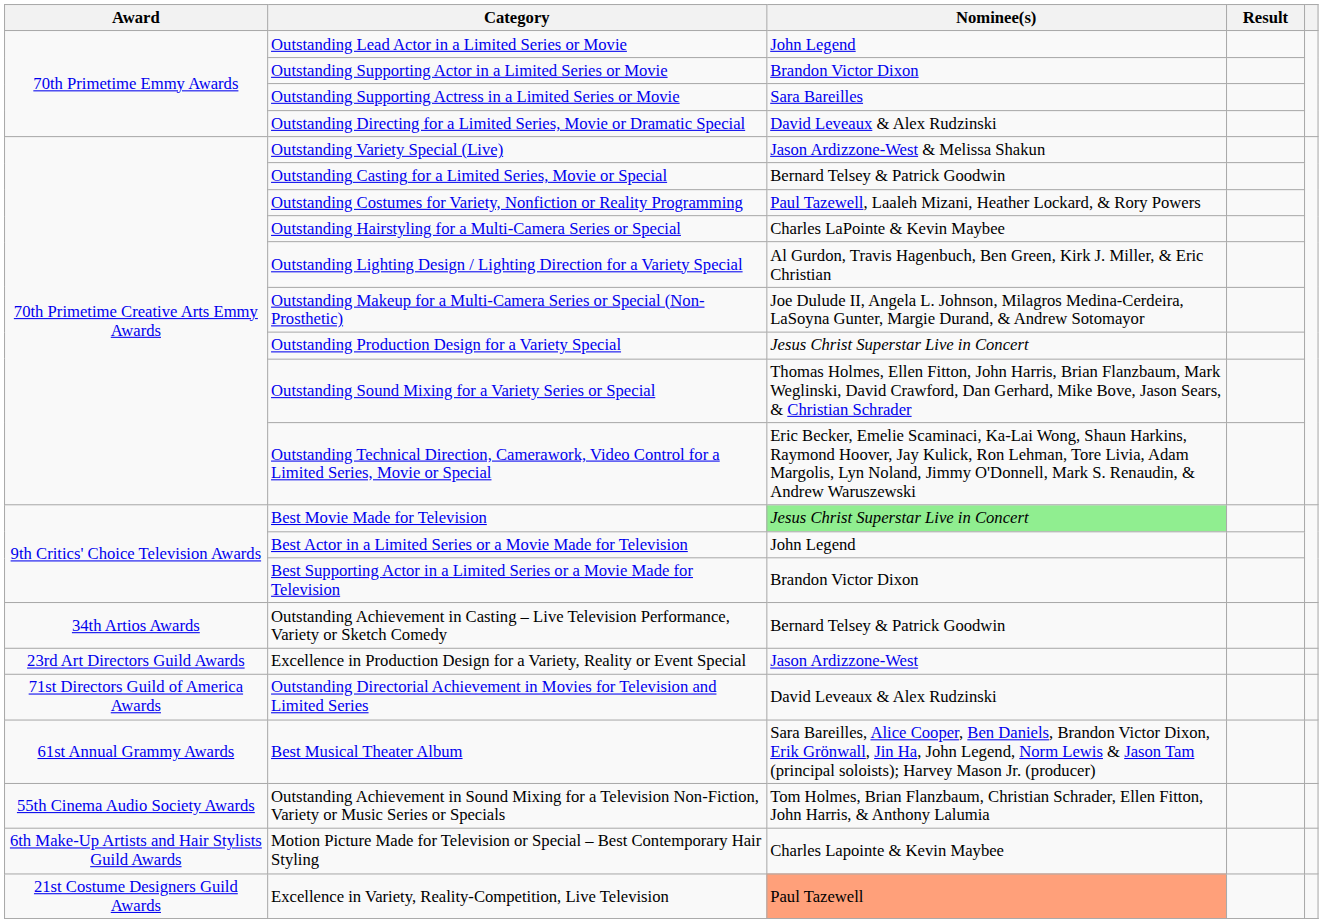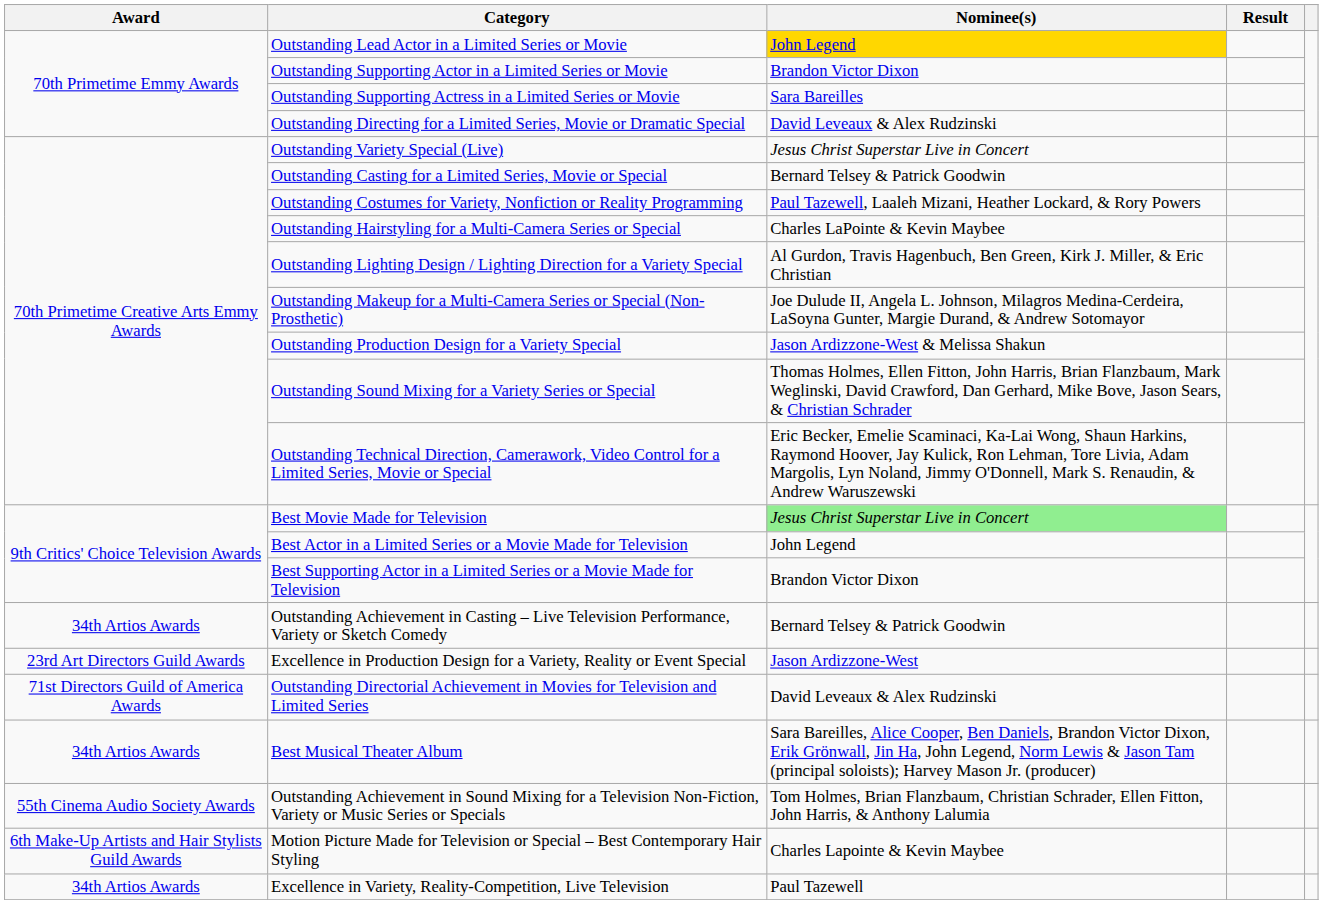 <table class="wikitable sortable" style="width:100%">
 <tr>
 <th scope="col" style="width:20%;">Award</th>
 <th scope="col" style="width:38%;">Category</th>
 <th scope="col" style="width:35%;">Nominee(s)</th>
 <th scope="col" style="width:6%;">Result</th>
 <th scope="col" class="unsortable" style="width:1%;"></th>
 </tr>
 <tr>
 <td align="center" rowspan="4"><a href='#'>70th Primetime Emmy Awards</a></td>
 <td><a href='#'>Outstanding Lead Actor in a Limited Series or Movie</a></td>
-<td><a href='#'>John Legend</a></td>
+<td style="background: gold;"><a href='#'>John Legend</a></td>
 <td></td>
 <td align="center" rowspan="4"></td>
 </tr>
 <tr>
 <td><a href='#'>Outstanding Supporting Actor in a Limited Series or Movie</a></td>
 <td><a href='#'>Brandon Victor Dixon</a></td>
 <td></td>
 </tr>
 <tr>
 <td><a href='#'>Outstanding Supporting Actress in a Limited Series or Movie</a></td>
 <td><a href='#'>Sara Bareilles</a></td>
 <td></td>
 </tr>
 <tr>
 <td><a href='#'>Outstanding Directing for a Limited Series, Movie or Dramatic Special</a></td>
 <td><a href='#'>David Leveaux</a> & Alex Rudzinski</td>
 <td></td>
 </tr>
 <tr>
 <td align="center" rowspan="9"><a href='#'>70th Primetime Creative Arts Emmy Awards</a></td>
 <td><a href='#'>Outstanding Variety Special (Live)</a></td>
-<td><a href='#'>Jason Ardizzone-West</a> & Melissa Shakun</td>
+<td><em>Jesus Christ Superstar Live in Concert</em></td>
 <td></td>
 <td align="center" rowspan="9"></td>
 </tr>
 <tr>
 <td><a href='#'>Outstanding Casting for a Limited Series, Movie or Special</a></td>
 <td>Bernard Telsey & Patrick Goodwin</td>
 <td></td>
 </tr>
 <tr>
 <td><a href='#'>Outstanding Costumes for Variety, Nonfiction or Reality Programming</a></td>
 <td><a href='#'>Paul Tazewell</a>, Laaleh Mizani, Heather Lockard, & Rory Powers</td>
 <td></td>
 </tr>
 <tr>
 <td><a href='#'>Outstanding Hairstyling for a Multi-Camera Series or Special</a></td>
 <td>Charles LaPointe & Kevin Maybee</td>
 <td></td>
 </tr>
 <tr>
 <td><a href='#'>Outstanding Lighting Design / Lighting Direction for a Variety Special</a></td>
 <td>Al Gurdon, Travis Hagenbuch, Ben Green, Kirk J. Miller, & Eric Christian</td>
 <td></td>
 </tr>
 <tr>
 <td><a href='#'>Outstanding Makeup for a Multi-Camera Series or Special (Non-Prosthetic)</a></td>
 <td>Joe Dulude II, Angela L. Johnson, Milagros Medina-Cerdeira, LaSoyna Gunter, Margie Durand, & Andrew Sotomayor</td>
 <td></td>
 </tr>
 <tr>
 <td><a href='#'>Outstanding Production Design for a Variety Special</a></td>
-<td><em>Jesus Christ Superstar Live in Concert</em></td>
+<td><a href='#'>Jason Ardizzone-West</a> & Melissa Shakun</td>
 <td></td>
 </tr>
 <tr>
 <td><a href='#'>Outstanding Sound Mixing for a Variety Series or Special</a></td>
 <td>Thomas Holmes, Ellen Fitton, John Harris, Brian Flanzbaum, Mark Weglinski, David Crawford, Dan Gerhard, Mike Bove, Jason Sears, & <a href='#'>Christian Schrader</a></td>
 <td></td>
 </tr>
 <tr>
 <td><a href='#'>Outstanding Technical Direction, Camerawork, Video Control for a Limited Series, Movie or Special</a></td>
 <td>Eric Becker, Emelie Scaminaci, Ka-Lai Wong, Shaun Harkins, Raymond Hoover, Jay Kulick, Ron Lehman, Tore Livia, Adam Margolis, Lyn Noland, Jimmy O'Donnell, Mark S. Renaudin, & Andrew Waruszewski</td>
 <td></td>
 </tr>
 <tr>
 <td align="center" rowspan="3"><a href='#'>9th Critics' Choice Television Awards</a></td>
 <td><a href='#'>Best Movie Made for Television</a></td>
 <td style="background: lightgreen;"><em>Jesus Christ Superstar Live in Concert</em></td>
 <td></td>
 <td align="center" rowspan="3"></td>
 </tr>
 <tr>
 <td><a href='#'>Best Actor in a Limited Series or a Movie Made for Television</a></td>
 <td>John Legend</td>
 <td></td>
 </tr>
 <tr>
 <td><a href='#'>Best Supporting Actor in a Limited Series or a Movie Made for Television</a></td>
 <td>Brandon Victor Dixon</td>
 <td></td>
 </tr>
 <tr>
 <td align="center"><a href='#'>34th Artios Awards</a></td>
 <td>Outstanding Achievement in Casting – Live Television Performance, Variety or Sketch Comedy</td>
 <td>Bernard Telsey & Patrick Goodwin</td>
 <td></td>
 <td align="center"></td>
 </tr>
 <tr>
 <td align="center"><a href='#'>23rd Art Directors Guild Awards</a></td>
 <td>Excellence in Production Design for a Variety, Reality or Event Special</td>
 <td><a href='#'>Jason Ardizzone-West</a></td>
 <td></td>
 <td align="center"></td>
 </tr>
 <tr>
 <td align="center"><a href='#'>71st Directors Guild of America Awards</a></td>
 <td><a href='#'>Outstanding Directorial Achievement in Movies for Television and Limited Series</a></td>
 <td>David Leveaux & Alex Rudzinski</td>
 <td></td>
 <td align="center"></td>
 </tr>
 <tr>
-<td align="center"><a href='#'>61st Annual Grammy Awards</a></td>
+<td align="center"><a href='#'>34th Artios Awards</a></td>
 <td><a href='#'>Best Musical Theater Album</a></td>
 <td>Sara Bareilles, <a href='#'>Alice Cooper</a>, <a href='#'>Ben Daniels</a>, Brandon Victor Dixon, <a href='#'>Erik Grönwall</a>, <a href='#'>Jin Ha</a>, John Legend, <a href='#'>Norm Lewis</a> & <a href='#'>Jason Tam</a> (principal soloists); Harvey Mason Jr. (producer)</td>
 <td></td>
 <td></td>
 </tr>
 <tr>
 <td align="center"><a href='#'>55th Cinema Audio Society Awards</a></td>
 <td>Outstanding Achievement in Sound Mixing for a Television Non-Fiction, Variety or Music Series or Specials</td>
 <td>Tom Holmes, Brian Flanzbaum, Christian Schrader, Ellen Fitton, John Harris, & Anthony Lalumia</td>
 <td></td>
 <td align="center"></td>
 </tr>
 <tr>
 <td align="center"><a href='#'>6th Make-Up Artists and Hair Stylists Guild Awards</a></td>
 <td>Motion Picture Made for Television or Special – Best Contemporary Hair Styling</td>
 <td>Charles Lapointe & Kevin Maybee</td>
 <td></td>
 <td align="center"></td>
 </tr>
 <tr>
-<td align="center"><a href='#'>21st Costume Designers Guild Awards</a></td>
+<td align="center"><a href='#'>34th Artios Awards</a></td>
 <td>Excellence in Variety, Reality-Competition, Live Television</td>
-<td style="background: lightsalmon;">Paul Tazewell</td>
+<td>Paul Tazewell</td>
 <td></td>
 <td align="center"></td>
 </tr>
 <tr>
 </tr>
 </table>
